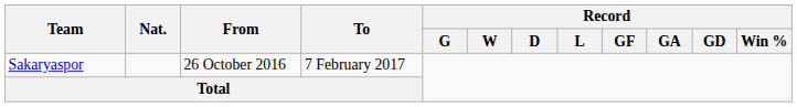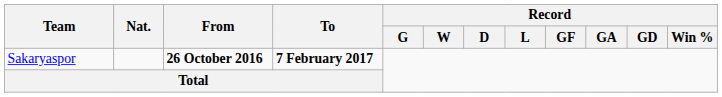 <table class=wikitable style=text-align:center>
 <tr>
 <th rowspan="2" style="width:120px;">Team</th>
 <th rowspan="2" style="width:50px;">Nat.</th>
 <th rowspan="2" style="width:120px;">From</th>
 <th rowspan="2" style="width:120px;">To</th>
 <th colspan=8>Record</th>
 </tr>
 <tr>
 <th width=40>G</th>
 <th width=40>W</th>
 <th width=40>D</th>
 <th width=40>L</th>
 <th width=40>GF</th>
 <th width=40>GA</th>
 <th width=40>GD</th>
 <th width=50>Win %</th>
 </tr>
 <tr>
 <td align=left><a href='#'>Sakaryaspor</a></td>
 <td></td>
-<td align=left>26 October 2016</td>
-<td align=left>7 February 2017<br></td>
+<td align=left><strong>26 October 2016</strong></td>
+<td align=left><strong>7 February 2017<br></strong></td>
 </tr>
 <tr>
 <th colspan="4">Total<br></th>
 </tr>
 </table>
